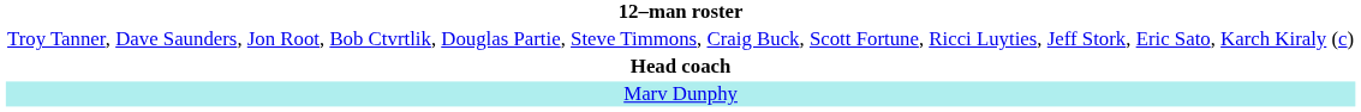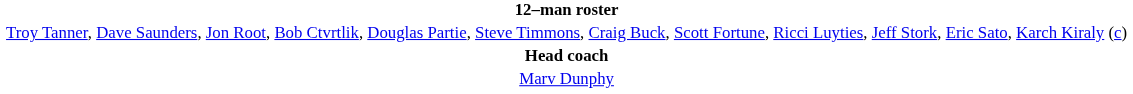 <table style="text-align:center; margin-top:2em; margin-left:auto; margin-right:auto">
 <tr>
 <td><strong>12–man roster</strong></td>
 </tr>
 <tr>
 <td><a href='#'>Troy Tanner</a>, <a href='#'>Dave Saunders</a>, <a href='#'>Jon Root</a>, <a href='#'>Bob Ctvrtlik</a>, <a href='#'>Douglas Partie</a>, <a href='#'>Steve Timmons</a>, <a href='#'>Craig Buck</a>, <a href='#'>Scott Fortune</a>, <a href='#'>Ricci Luyties</a>, <a href='#'>Jeff Stork</a>, <a href='#'>Eric Sato</a>, <a href='#'>Karch Kiraly</a> (<a href='#'>c</a>)</td>
 </tr>
 <tr>
 <td><strong>Head coach</strong></td>
 </tr>
 <tr>
-<td style="background: paleturquoise;"><a href='#'>Marv Dunphy</a></td>
+<td><a href='#'>Marv Dunphy</a></td>
 </tr>
 </table>
